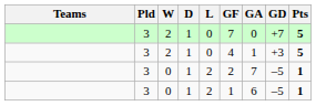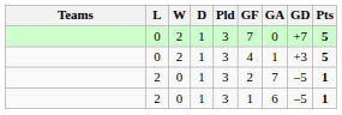 <table class="wikitable" style="text-align: center;">
 <tr>
 <th width=165>Teams</th>
-<th width=20>Pld</th>
+<th width=20>L</th>
 <th width=20>W</th>
 <th width=20>D</th>
-<th width=20>L</th>
+<th width=20>Pld</th>
 <th width=20>GF</th>
 <th width=20>GA</th>
 <th width=20>GD</th>
 <th width=20>Pts</th>
 </tr>
 <tr align=center style="background:#ccffcc;">
 <td style="text-align:left;"></td>
-<td>3</td>
+<td>0</td>
 <td>2</td>
 <td>1</td>
-<td>0</td>
+<td>3</td>
 <td>7</td>
 <td>0</td>
 <td>+7</td>
 <td><strong>5</strong></td>
 </tr>
 <tr align=center>
 <td style="text-align:left;"></td>
-<td>3</td>
+<td>0</td>
 <td>2</td>
 <td>1</td>
-<td>0</td>
+<td>3</td>
 <td>4</td>
 <td>1</td>
 <td>+3</td>
 <td><strong>5</strong></td>
 </tr>
 <tr align=center>
 <td style="text-align:left;"></td>
-<td>3</td>
+<td>2</td>
 <td>0</td>
 <td>1</td>
-<td>2</td>
+<td>3</td>
 <td>2</td>
 <td>7</td>
 <td>–5</td>
 <td><strong>1</strong></td>
 </tr>
 <tr align=center>
 <td style="text-align:left;"></td>
-<td>3</td>
+<td>2</td>
 <td>0</td>
 <td>1</td>
-<td>2</td>
+<td>3</td>
 <td>1</td>
 <td>6</td>
 <td>–5</td>
 <td><strong>1</strong></td>
 </tr>
 </table>
